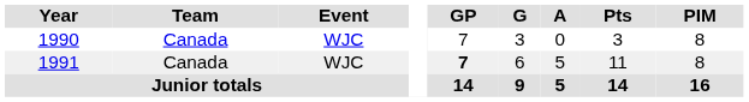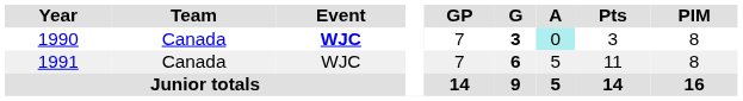 <table border="0" cellpadding="1" cellspacing="0" style="text-align:center; width:40em">
 <tr ALIGN="center" bgcolor="#e0e0e0">
 <th>Year</th>
 <th>Team</th>
 <th>Event</th>
 <th rowspan="99" bgcolor="#ffffff"> </th>
 <th>GP</th>
 <th>G</th>
 <th>A</th>
 <th>Pts</th>
 <th>PIM</th>
 </tr>
 <tr>
 <td><a href='#'>1990</a></td>
 <td><a href='#'>Canada</a></td>
-<td><a href='#'>WJC</a></td>
+<td><strong><a href='#'>WJC</a></strong></td>
 <td>7</td>
-<td>3</td>
-<td>0</td>
+<td><strong>3</strong></td>
+<td style="background: paleturquoise;">0</td>
 <td>3</td>
 <td>8</td>
 </tr>
 <tr bgcolor="#f0f0f0">
 <td><a href='#'>1991</a></td>
 <td>Canada</td>
 <td>WJC</td>
-<td><strong>7</strong></td>
-<td>6</td>
+<td>7</td>
+<td><strong>6</strong></td>
 <td>5</td>
 <td>11</td>
 <td>8</td>
 </tr>
 <tr bgcolor="#e0e0e0">
 <th colspan="3">Junior totals</th>
 <th>14</th>
 <th>9</th>
 <th>5</th>
 <th>14</th>
 <th>16</th>
 </tr>
 </table>
